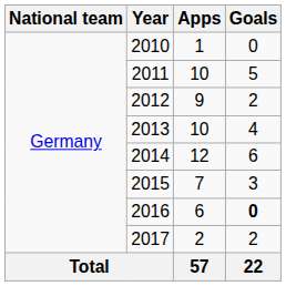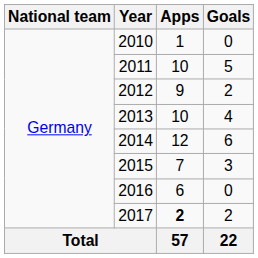 <table class="wikitable" style="text-align:center">
 <tr>
 <th>National team</th>
 <th>Year</th>
 <th>Apps</th>
 <th>Goals</th>
 </tr>
 <tr>
 <td rowspan="8"><a href='#'>Germany</a></td>
 <td>2010</td>
 <td>1</td>
 <td>0</td>
 </tr>
 <tr>
 <td>2011</td>
 <td>10</td>
 <td>5</td>
 </tr>
 <tr>
 <td>2012</td>
 <td>9</td>
 <td>2</td>
 </tr>
 <tr>
 <td>2013</td>
 <td>10</td>
 <td>4</td>
 </tr>
 <tr>
 <td>2014</td>
 <td>12</td>
 <td>6</td>
 </tr>
 <tr>
 <td>2015</td>
 <td>7</td>
 <td>3</td>
 </tr>
 <tr>
 <td>2016</td>
 <td>6</td>
-<td><strong>0</strong></td>
+<td>0</td>
 </tr>
 <tr>
 <td>2017</td>
-<td>2</td>
+<td><strong>2</strong></td>
 <td>2</td>
 </tr>
 <tr>
 <th colspan="2">Total</th>
 <th>57</th>
 <th>22</th>
 </tr>
 </table>
